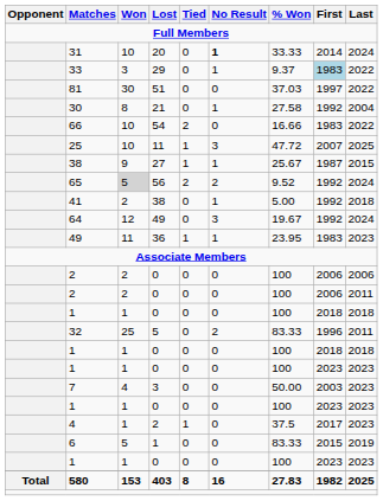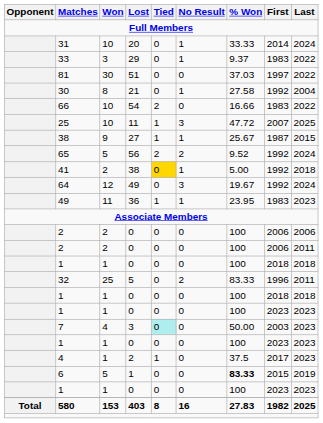 <table class="wikitable plainrowheaders sortable">
 <tr>
 <th scope="col">Opponent</th>
 <th scope="col"><a href='#'>Matches</a></th>
 <th scope="col"><a href='#'>Won</a></th>
 <th scope="col"><a href='#'>Lost</a></th>
 <th scope="col"><a href='#'>Tied</a></th>
 <th scope="col"><a href='#'>No Result</a></th>
 <th scope="col"><a href='#'>% Won</a></th>
 <th scope="col">First</th>
 <th scope="col">Last</th>
 </tr>
 <tr>
 <td style="text-align: center;" colspan="9"><strong><a href='#'>Full Members</a></strong></td>
 </tr>
 <tr>
 <th scope=row></th>
 <td>31</td>
 <td>10</td>
 <td>20</td>
 <td>0</td>
-<td><strong>1</strong></td>
+<td>1</td>
 <td>33.33</td>
 <td>2014</td>
 <td>2024</td>
 </tr>
 <tr>
 <th scope=row></th>
 <td>33</td>
 <td>3</td>
 <td>29</td>
 <td>0</td>
 <td>1</td>
 <td>9.37</td>
-<td style="background: lightblue;">1983</td>
+<td>1983</td>
 <td>2022</td>
 </tr>
 <tr>
 <th scope=row></th>
 <td>81</td>
 <td>30</td>
 <td>51</td>
 <td>0</td>
 <td>0</td>
 <td>37.03</td>
 <td>1997</td>
 <td>2022</td>
 </tr>
 <tr>
 <th scope=row></th>
 <td>30</td>
 <td>8</td>
 <td>21</td>
 <td>0</td>
 <td>1</td>
 <td>27.58</td>
 <td>1992</td>
 <td>2004</td>
 </tr>
 <tr>
 <th scope=row></th>
 <td>66</td>
 <td>10</td>
 <td>54</td>
 <td>2</td>
 <td>0</td>
 <td>16.66</td>
 <td>1983</td>
 <td>2022</td>
 </tr>
 <tr>
 <th scope=row></th>
 <td>25</td>
 <td>10</td>
 <td>11</td>
 <td>1</td>
 <td>3</td>
 <td>47.72</td>
 <td>2007</td>
 <td>2025</td>
 </tr>
 <tr>
 <th scope=row></th>
 <td>38</td>
 <td>9</td>
 <td>27</td>
 <td>1</td>
 <td>1</td>
 <td>25.67</td>
 <td>1987</td>
 <td>2015</td>
 </tr>
 <tr>
 <th scope=row></th>
 <td>65</td>
-<td style="background: lightgrey;">5</td>
+<td>5</td>
 <td>56</td>
 <td>2</td>
 <td>2</td>
 <td>9.52</td>
 <td>1992</td>
 <td>2024</td>
 </tr>
 <tr>
 <th scope=row></th>
 <td>41</td>
 <td>2</td>
 <td>38</td>
-<td>0</td>
+<td style="background: gold;">0</td>
 <td>1</td>
 <td>5.00</td>
 <td>1992</td>
 <td>2018</td>
 </tr>
 <tr>
 <th scope=row></th>
 <td>64</td>
 <td>12</td>
 <td>49</td>
 <td>0</td>
 <td>3</td>
 <td>19.67</td>
 <td>1992</td>
 <td>2024</td>
 </tr>
 <tr>
 <th scope=row></th>
 <td>49</td>
 <td>11</td>
 <td>36</td>
 <td>1</td>
 <td>1</td>
 <td>23.95</td>
 <td>1983</td>
 <td>2023</td>
 </tr>
 <tr>
 <td colspan="10" style="text-align: center;"><strong><a href='#'>Associate Members</a></strong></td>
 </tr>
 <tr>
 <th scope=row></th>
 <td>2</td>
 <td>2</td>
 <td>0</td>
 <td>0</td>
 <td>0</td>
 <td>100</td>
 <td>2006</td>
 <td>2006</td>
 </tr>
 <tr>
 <th scope=row></th>
 <td>2</td>
 <td>2</td>
 <td>0</td>
 <td>0</td>
 <td>0</td>
 <td>100</td>
 <td>2006</td>
 <td>2011</td>
 </tr>
 <tr>
 <th scope=row></th>
 <td>1</td>
 <td>1</td>
 <td>0</td>
 <td>0</td>
 <td>0</td>
 <td>100</td>
 <td>2018</td>
 <td>2018</td>
 </tr>
 <tr>
 <th scope=row></th>
 <td>32</td>
 <td>25</td>
 <td>5</td>
 <td>0</td>
 <td>2</td>
 <td>83.33</td>
 <td>1996</td>
 <td>2011</td>
 </tr>
 <tr>
 <th scope=row></th>
 <td>1</td>
 <td>1</td>
 <td>0</td>
 <td>0</td>
 <td>0</td>
 <td>100</td>
 <td>2018</td>
 <td>2018</td>
 </tr>
 <tr>
 <th scope=row></th>
 <td>1</td>
 <td>1</td>
 <td>0</td>
 <td>0</td>
 <td>0</td>
 <td>100</td>
 <td>2023</td>
 <td>2023</td>
 </tr>
 <tr>
 <th scope=row></th>
 <td>7</td>
 <td>4</td>
 <td>3</td>
-<td>0</td>
+<td style="background: paleturquoise;">0</td>
 <td>0</td>
 <td>50.00</td>
 <td>2003</td>
 <td>2023</td>
 </tr>
 <tr>
 <th scope=row></th>
 <td>1</td>
 <td>1</td>
 <td>0</td>
 <td>0</td>
 <td>0</td>
 <td>100</td>
 <td>2023</td>
 <td>2023</td>
 </tr>
 <tr>
 <th scope=row></th>
 <td>4</td>
 <td>1</td>
 <td>2</td>
 <td>1</td>
 <td>0</td>
 <td>37.5</td>
 <td>2017</td>
 <td>2023</td>
 </tr>
 <tr>
 <th scope=row></th>
 <td>6</td>
 <td>5</td>
 <td>1</td>
 <td>0</td>
 <td>0</td>
-<td>83.33</td>
+<td><strong>83.33</strong></td>
 <td>2015</td>
 <td>2019</td>
 </tr>
 <tr>
 <th scope=row></th>
 <td>1</td>
 <td>1</td>
 <td>0</td>
 <td>0</td>
 <td>0</td>
 <td>100</td>
 <td>2023</td>
 <td>2023</td>
 </tr>
 <tr>
 </tr>
 <tr class="sortbottom">
 <th scope="row" style="text-align:center">Total</th>
 <td><strong>580</strong></td>
 <td><strong>153</strong></td>
 <td><strong>403</strong></td>
 <td><strong>8</strong></td>
 <td><strong>16</strong></td>
 <td><strong>27.83</strong></td>
 <td><strong>1982</strong></td>
 <td><strong>2025</strong></td>
 </tr>
 <tr>
 <td colspan=10></td>
 </tr>
 </table>
